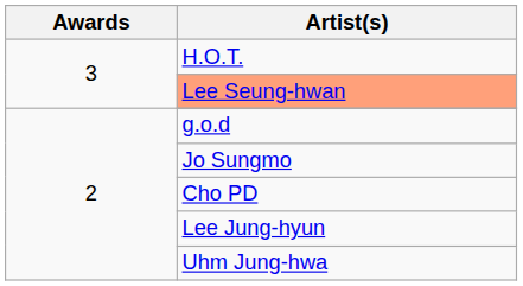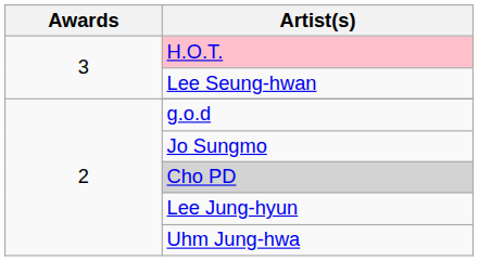 <table class="wikitable"  style="width:30%; text-align:center;">
 <tr>
 <th scope="col">Awards</th>
 <th scope="col">Artist(s)</th>
 </tr>
 <tr>
 <td rowspan=2>3</td>
-<td align=left><a href='#'>H.O.T.</a></td>
+<td align=left style="background: pink;"><a href='#'>H.O.T.</a></td>
 </tr>
 <tr>
-<td align=left style="background: lightsalmon;"><a href='#'>Lee Seung-hwan</a></td>
+<td align=left><a href='#'>Lee Seung-hwan</a></td>
 </tr>
 <tr>
 <td rowspan=6>2</td>
 </tr>
 <tr>
 <td align=left><a href='#'>g.o.d</a></td>
 </tr>
 <tr>
 <td align=left><a href='#'>Jo Sungmo</a></td>
 </tr>
 <tr>
-<td align=left><a href='#'>Cho PD</a></td>
+<td align=left style="background: lightgrey;"><a href='#'>Cho PD</a></td>
 </tr>
 <tr>
 <td align=left><a href='#'>Lee Jung-hyun</a></td>
 </tr>
 <tr>
 <td align=left><a href='#'>Uhm Jung-hwa</a></td>
 </tr>
 </table>
